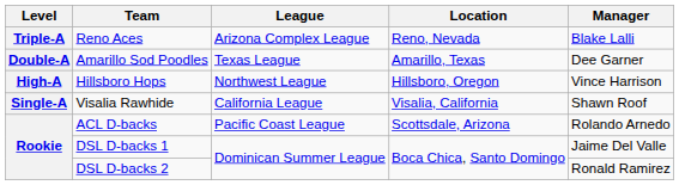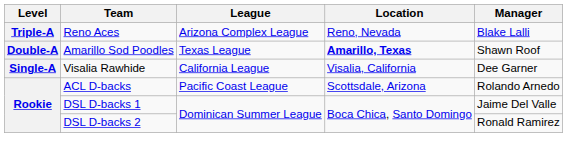 <table class="wikitable plainrowheaders">
 <tr>
 <th scope="col" style="text-align:center; ">Level</th>
 <th scope="col" style="text-align:center; ">Team</th>
 <th scope="col" style="text-align:center; ">League</th>
 <th scope="col" style="text-align:center; ">Location</th>
 <th scope="col" style="text-align:center; ">Manager</th>
 </tr>
 <tr>
 <th scope="row"><a href='#'>Triple-A</a></th>
 <td><a href='#'>Reno Aces</a></td>
 <td><a href='#'>Arizona Complex League</a></td>
 <td><a href='#'>Reno, Nevada</a></td>
 <td><a href='#'>Blake Lalli</a></td>
 </tr>
 <tr>
 <th scope="row"><a href='#'>Double-A</a></th>
 <td><a href='#'>Amarillo Sod Poodles</a></td>
 <td><a href='#'>Texas League</a></td>
-<td><a href='#'>Amarillo, Texas</a></td>
-<td>Dee Garner</td>
-</tr>
-<tr>
-<th scope="row"><a href='#'>High-A</a></th>
-<td><a href='#'>Hillsboro Hops</a></td>
-<td><a href='#'>Northwest League</a></td>
-<td><a href='#'>Hillsboro, Oregon</a></td>
-<td>Vince Harrison</td>
+<td><strong><a href='#'>Amarillo, Texas</a></strong></td>
+<td>Shawn Roof</td>
 </tr>
 <tr>
 <th scope="row"><a href='#'>Single-A</a></th>
 <td>Visalia Rawhide</td>
 <td><a href='#'>California League</a></td>
 <td><a href='#'>Visalia, California</a></td>
-<td>Shawn Roof</td>
+<td>Dee Garner</td>
 </tr>
 <tr>
 <th scope="row" rowspan=4><a href='#'>Rookie</a></th>
 <td><a href='#'>ACL D-backs</a></td>
 <td><a href='#'>Pacific Coast League</a></td>
 <td><a href='#'>Scottsdale, Arizona</a></td>
 <td>Rolando Arnedo</td>
 </tr>
 <tr>
 <td><a href='#'>DSL D-backs 1</a></td>
 <td rowspan=2><a href='#'>Dominican Summer League</a></td>
 <td rowspan=2><a href='#'>Boca Chica</a>, <a href='#'>Santo Domingo</a></td>
 <td>Jaime Del Valle</td>
 </tr>
 <tr>
 <td><a href='#'>DSL D-backs 2</a></td>
 <td>Ronald Ramirez</td>
 </tr>
 </table>
